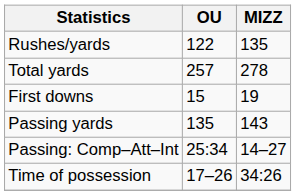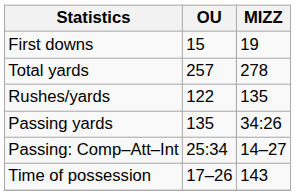 <table class="wikitable" style="float: left;">
 <tr>
 <th>Statistics</th>
 <th>OU</th>
 <th>MIZZ</th>
 </tr>
 <tr>
-<td>Rushes/yards</td>
-<td>122</td>
-<td>135</td>
+<td>First downs</td>
+<td>15</td>
+<td>19</td>
 </tr>
 <tr>
 <td>Total yards</td>
 <td>257</td>
 <td>278</td>
 </tr>
 <tr>
-<td>First downs</td>
-<td>15</td>
-<td>19</td>
+<td>Rushes/yards</td>
+<td>122</td>
+<td>135</td>
 </tr>
 <tr>
 <td>Passing yards</td>
 <td>135</td>
-<td>143</td>
+<td>34:26</td>
 </tr>
 <tr>
 <td>Passing: Comp–Att–Int</td>
 <td>25:34</td>
 <td>14–27</td>
 </tr>
 <tr>
 <td>Time of possession</td>
 <td>17–26</td>
-<td>34:26</td>
+<td>143</td>
 </tr>
 <tr>
 </tr>
 </table>
